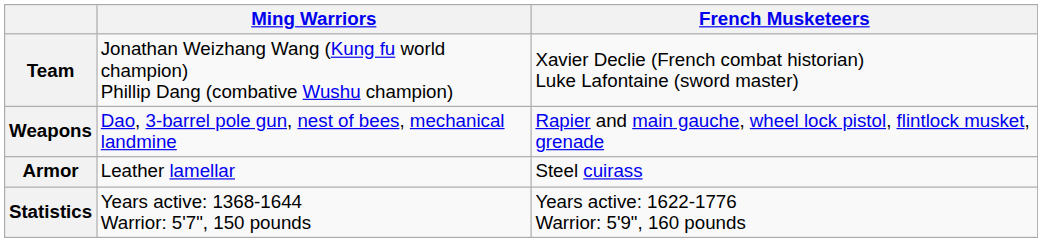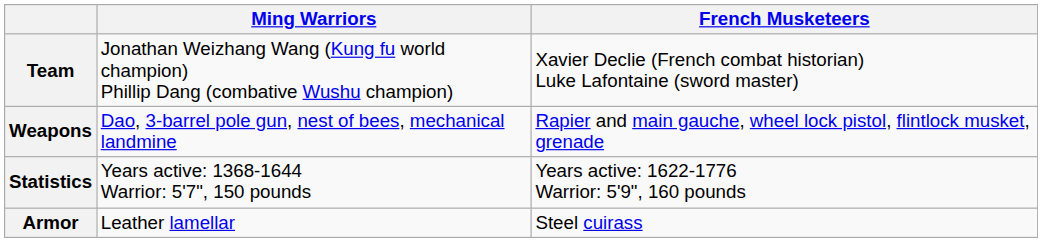 <table class="wikitable unsortable" ; style="width: 100%">
 <tr>
 <th></th>
 <th><strong><a href='#'>Ming Warriors</a></strong></th>
 <th><strong><a href='#'>French Musketeers</a></strong></th>
 </tr>
 <tr>
 <th>Team</th>
 <td>Jonathan Weizhang Wang (<a href='#'>Kung fu</a> world champion)<br>Phillip Dang (combative <a href='#'>Wushu</a> champion)</td>
 <td>Xavier Declie (French combat historian)<br>Luke Lafontaine (sword master)</td>
 </tr>
 <tr>
 <th>Weapons</th>
 <td><a href='#'>Dao</a>, <a href='#'>3-barrel pole gun</a>, <a href='#'>nest of bees</a>, <a href='#'>mechanical landmine</a></td>
 <td><a href='#'>Rapier</a> and <a href='#'>main gauche</a>, <a href='#'>wheel lock pistol</a>, <a href='#'>flintlock musket</a>, <a href='#'>grenade</a></td>
 </tr>
 <tr>
+<th>Statistics</th>
+<td>Years active: 1368-1644<br>Warrior: 5'7", 150 pounds</td>
+<td>Years active: 1622-1776<br>Warrior: 5'9", 160 pounds</td>
+</tr>
+<tr>
 <th>Armor</th>
 <td>Leather <a href='#'>lamellar</a></td>
 <td>Steel <a href='#'>cuirass</a></td>
 </tr>
-<tr>
-<th>Statistics</th>
-<td>Years active: 1368-1644<br>Warrior: 5'7", 150 pounds</td>
-<td>Years active: 1622-1776<br>Warrior: 5'9", 160 pounds</td>
-</tr>
 </table>
